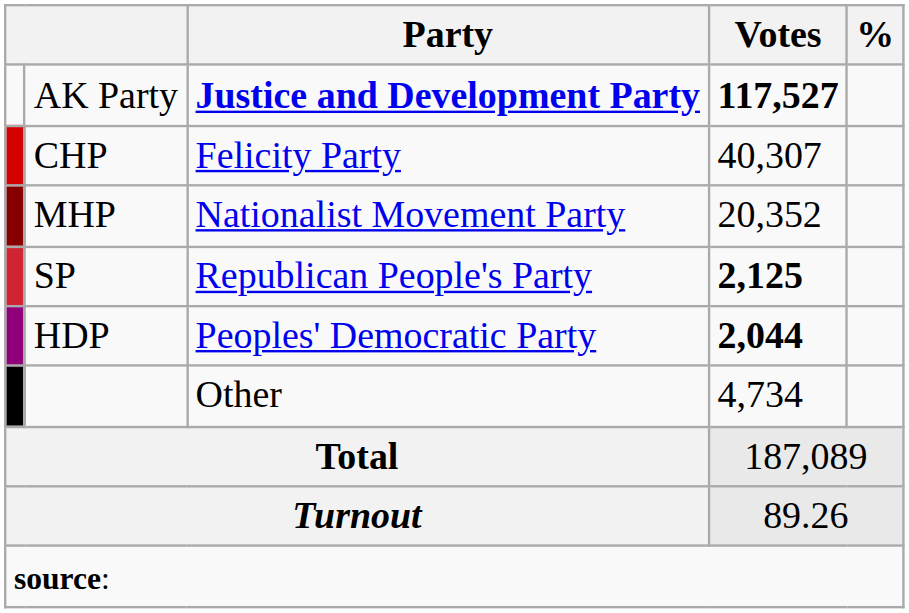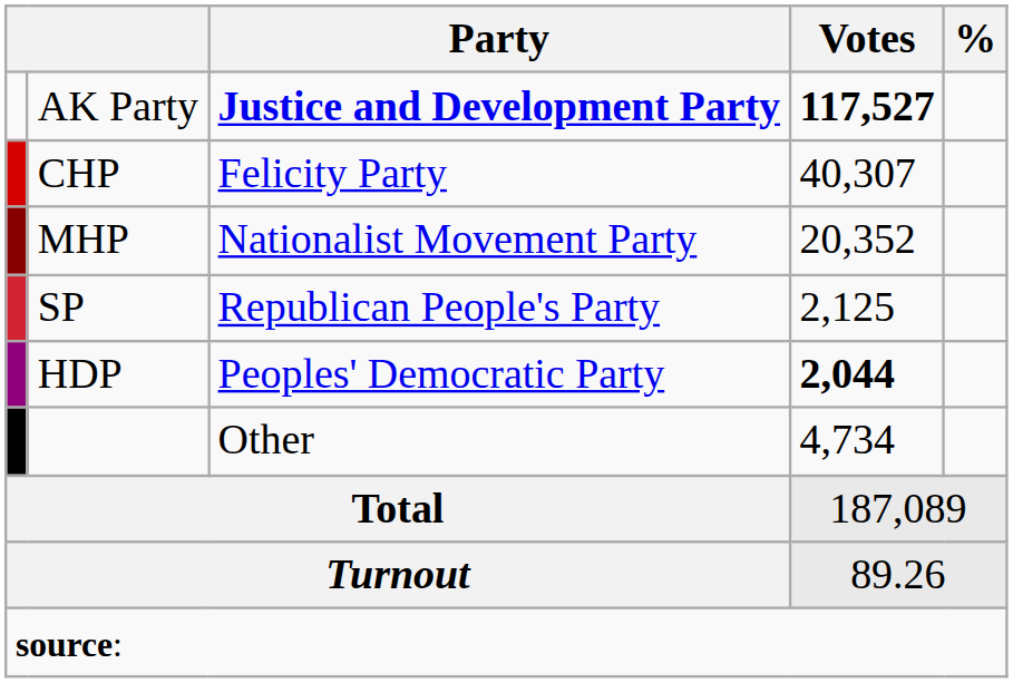 <table class="wikitable">
 <tr>
 <th colspan="2" align="center"></th>
 <th align="center">Party</th>
 <th align="center">Votes</th>
 <th align="center">%</th>
 </tr>
 <tr align="left">
 <td></td>
 <td>AK Party</td>
 <td><strong><a href='#'>Justice and Development Party</a></strong></td>
 <td><strong>117,527</strong></td>
 <td><strong></strong></td>
 </tr>
 <tr align="left">
 <td bgcolor="#d50000" width="1"></td>
 <td>CHP</td>
 <td><a href='#'>Felicity Party</a></td>
 <td>40,307</td>
 <td></td>
 </tr>
 <tr align="left">
 <td bgcolor="#870000" width="1"></td>
 <td>MHP</td>
 <td><a href='#'>Nationalist Movement Party</a></td>
 <td>20,352</td>
 <td></td>
 </tr>
 <tr align="left">
 <td bgcolor="#D02433" width="1"></td>
 <td>SP</td>
 <td><a href='#'>Republican People's Party</a></td>
-<td><strong>2,125</strong></td>
+<td>2,125</td>
 <td></td>
 </tr>
 <tr align="left">
 <td bgcolor="#91007B" width="1"></td>
 <td>HDP</td>
 <td><a href='#'>Peoples' Democratic Party</a></td>
 <td><strong>2,044</strong></td>
 <td></td>
 </tr>
 <tr align="left">
 <td bgcolor=" " width="1"></td>
 <td></td>
 <td>Other</td>
 <td>4,734</td>
 <td></td>
 </tr>
 <tr align="left" style="background-color:#E9E9E9">
 <th colspan="3" align="center"><strong>Total</strong></th>
 <td colspan="5" align="center">187,089</td>
 </tr>
 <tr align="left" style="background-color:#E9E9E9">
 <th colspan="3" align="center"><em>Turnout</em></th>
 <td colspan="5" align="center">89.26</td>
 </tr>
 <tr>
 <td colspan="9" align="left"><small><strong>source</strong>: </small></td>
 </tr>
 </table>
